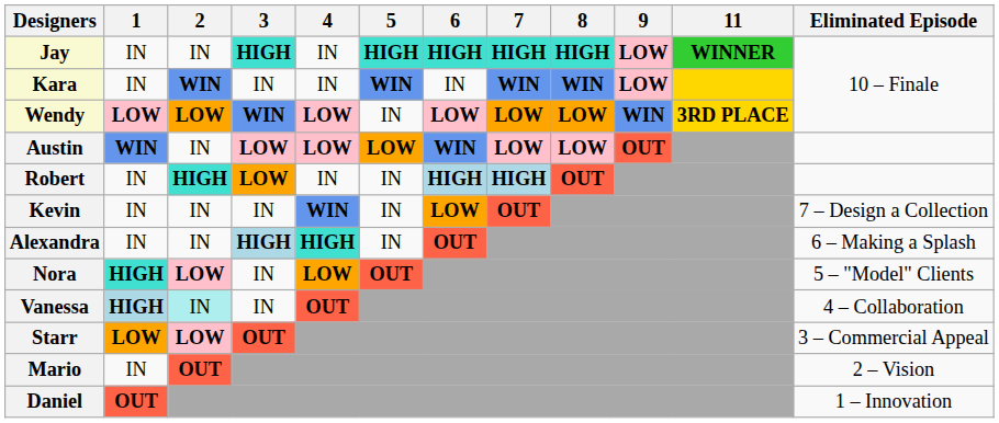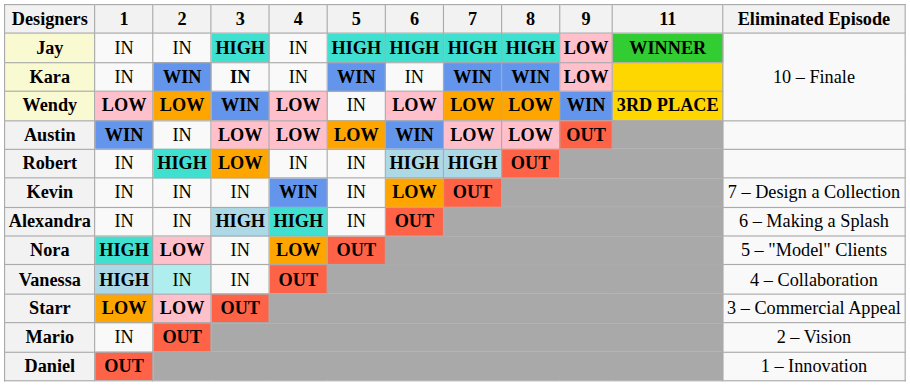 <table class="wikitable" style="text-align:center">
 <tr>
 <th>Designers</th>
 <th>1</th>
 <th>2</th>
 <th>3</th>
 <th>4</th>
 <th>5</th>
 <th>6</th>
 <th>7</th>
 <th>8</th>
 <th>9</th>
 <th>11</th>
 <th>Eliminated Episode</th>
 </tr>
 <tr>
 <th style="background:#FAFAD2;">Jay</th>
 <td>IN</td>
 <td>IN</td>
 <td style="background:turquoise;"><strong>HIGH</strong></td>
 <td>IN</td>
 <td style="background:turquoise;"><strong>HIGH</strong></td>
 <td style="background:turquoise;"><strong>HIGH</strong></td>
 <td style="background:turquoise;"><strong>HIGH</strong></td>
 <td style="background:turquoise;"><strong>HIGH</strong></td>
 <td style="background:pink;"><strong>LOW</strong></td>
 <td style="background:limegreen;"><strong>WINNER</strong></td>
 <td rowspan="3">10 – Finale</td>
 </tr>
 <tr>
 <th nowrap="" style="background:#FAFAD2;">Kara</th>
 <td>IN</td>
 <td style="background:cornflowerblue;"><strong>WIN</strong></td>
-<td>IN</td>
+<td><strong>IN</strong></td>
 <td>IN</td>
 <td style="background:cornflowerblue;"><strong>WIN</strong></td>
 <td>IN</td>
 <td style="background:cornflowerblue;"><strong>WIN</strong></td>
 <td style="background:cornflowerblue;"><strong>WIN</strong></td>
 <td style="background:pink;"><strong>LOW</strong></td>
 <td style="background:gold;"></td>
 </tr>
 <tr>
 <th style="background:#FAFAD2;">Wendy</th>
 <td style="background:pink;"><strong>LOW</strong></td>
 <td style="background:orange;"><strong>LOW</strong></td>
 <td style="background:cornflowerblue;"><strong>WIN</strong></td>
 <td style="background:pink;"><strong>LOW</strong></td>
 <td>IN</td>
 <td style="background:pink;"><strong>LOW</strong></td>
 <td style="background:orange;"><strong>LOW</strong></td>
 <td style="background:orange;"><strong>LOW</strong></td>
 <td style="background:cornflowerblue;"><strong>WIN</strong></td>
 <td style="background:gold;"><strong>3RD PLACE</strong></td>
 </tr>
 <tr>
 <th>Austin</th>
 <td style="background:cornflowerblue;"><strong>WIN</strong></td>
 <td>IN</td>
 <td style="background:pink;"><strong>LOW</strong></td>
 <td style="background:pink;"><strong>LOW</strong></td>
 <td style="background:orange;"><strong>LOW</strong></td>
 <td style="background:cornflowerblue;"><strong>WIN</strong></td>
 <td style="background:pink;"><strong>LOW</strong></td>
 <td style="background:pink;"><strong>LOW</strong></td>
 <td style="background:tomato;"><strong>OUT</strong></td>
 <td style="background:darkgrey;"></td>
 <td></td>
 </tr>
 <tr>
 <th>Robert</th>
 <td>IN</td>
 <td style="background:turquoise;"><strong>HIGH</strong></td>
 <td style="background:orange;"><strong>LOW</strong></td>
 <td>IN</td>
 <td>IN</td>
 <td style="background:lightblue;"><strong>HIGH</strong></td>
 <td style="background:lightblue;"><strong>HIGH</strong></td>
 <td style="background:tomato;"><strong>OUT</strong></td>
 <td colspan="2" style="background:darkgrey;"></td>
 <td></td>
 </tr>
 <tr>
 <th>Kevin</th>
 <td>IN</td>
 <td>IN</td>
 <td>IN</td>
 <td style="background:cornflowerblue;"><strong>WIN</strong></td>
 <td>IN</td>
 <td style="background:orange;"><strong>LOW</strong></td>
 <td style="background:tomato;"><strong>OUT</strong></td>
 <td colspan="3" style="background:darkgrey;"></td>
 <td>7 – Design a Collection</td>
 </tr>
 <tr>
 <th>Alexandra</th>
 <td>IN</td>
 <td>IN</td>
 <td style="background:lightblue;"><strong>HIGH</strong></td>
 <td style="background:turquoise;"><strong>HIGH</strong></td>
 <td>IN</td>
 <td style="background:tomato;"><strong>OUT</strong></td>
 <td colspan="4" style="background:darkgrey;"></td>
 <td>6 – Making a Splash</td>
 </tr>
 <tr>
 <th>Nora</th>
 <td style="background:turquoise;"><strong>HIGH</strong></td>
 <td style="background:pink;"><strong>LOW</strong></td>
 <td>IN</td>
 <td style="background:orange;"><strong>LOW</strong></td>
 <td style="background:tomato;"><strong>OUT</strong></td>
 <td colspan="5" style="background:darkgrey;"></td>
 <td a>5 – "Model" Clients</td>
 </tr>
 <tr>
 <th>Vanessa</th>
 <td style="background:lightblue;"><strong>HIGH</strong></td>
 <td style="background: paleturquoise;">IN</td>
 <td>IN</td>
 <td style="background:tomato;"><strong>OUT</strong></td>
 <td colspan="6" style="background:darkgrey;"></td>
 <td>4 – Collaboration</td>
 </tr>
 <tr>
 <th>Starr</th>
 <td style="background:orange;"><strong>LOW</strong></td>
 <td style="background:pink;"><strong>LOW</strong></td>
 <td style="background:tomato;"><strong>OUT</strong></td>
 <td colspan="7" style="background:darkgrey;"></td>
 <td>3 – Commercial Appeal</td>
 </tr>
 <tr>
 <th>Mario</th>
 <td>IN</td>
 <td style="background:tomato;"><strong>OUT</strong></td>
 <td colspan="8" style="background:darkgrey;"></td>
 <td>2 – Vision</td>
 </tr>
 <tr>
 <th>Daniel</th>
 <td style="background:tomato;"><strong>OUT</strong></td>
 <td colspan="9" style="background:darkgrey;"></td>
 <td>1 – Innovation</td>
 </tr>
 </table>
